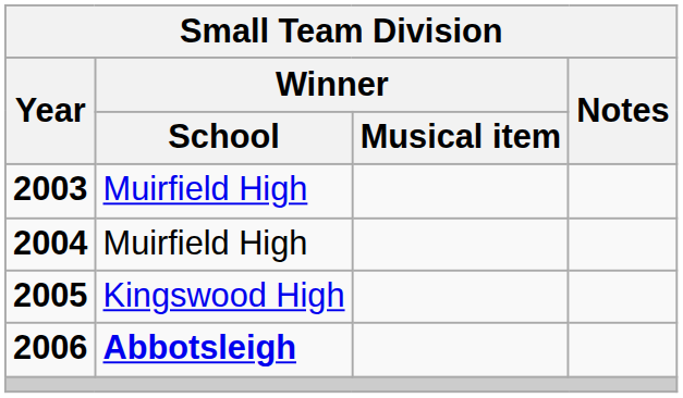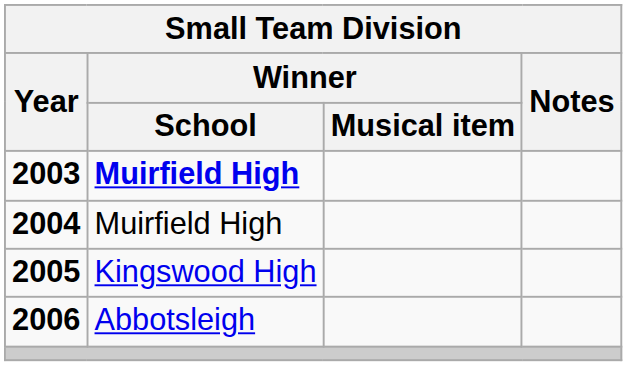 <table class="wikitable sortable">
 <tr>
 <th colspan=8>Small Team Division</th>
 </tr>
 <tr>
 <th rowspan=2>Year</th>
 <th colspan=2>Winner</th>
 <th rowspan=2>Notes</th>
 </tr>
 <tr>
 <th>School</th>
 <th>Musical item</th>
 </tr>
 <tr>
 <td><strong>2003</strong></td>
-<td><a href='#'>Muirfield High</a></td>
+<td><strong><a href='#'>Muirfield High</a></strong></td>
 <td></td>
 <td></td>
 </tr>
 <tr>
 <td><strong>2004</strong></td>
 <td>Muirfield High</td>
 <td></td>
 <td></td>
 </tr>
 <tr>
 <td><strong>2005</strong></td>
 <td><a href='#'>Kingswood High</a></td>
 <td></td>
 <td></td>
 </tr>
 <tr>
 <td><strong>2006</strong></td>
-<td><strong><a href='#'>Abbotsleigh</a></strong></td>
+<td><a href='#'>Abbotsleigh</a></td>
 <td></td>
 <td></td>
 </tr>
 <tr>
 <th colspan=8 style="background: #cccccc;"></th>
 </tr>
 </table>
